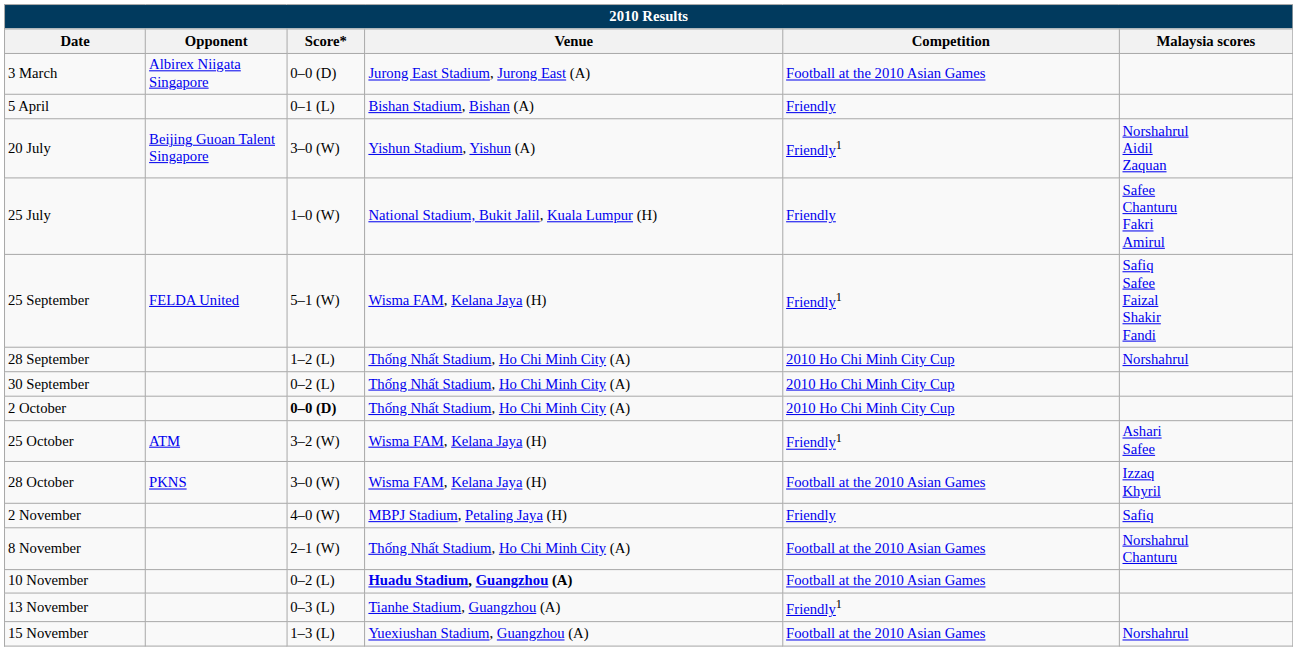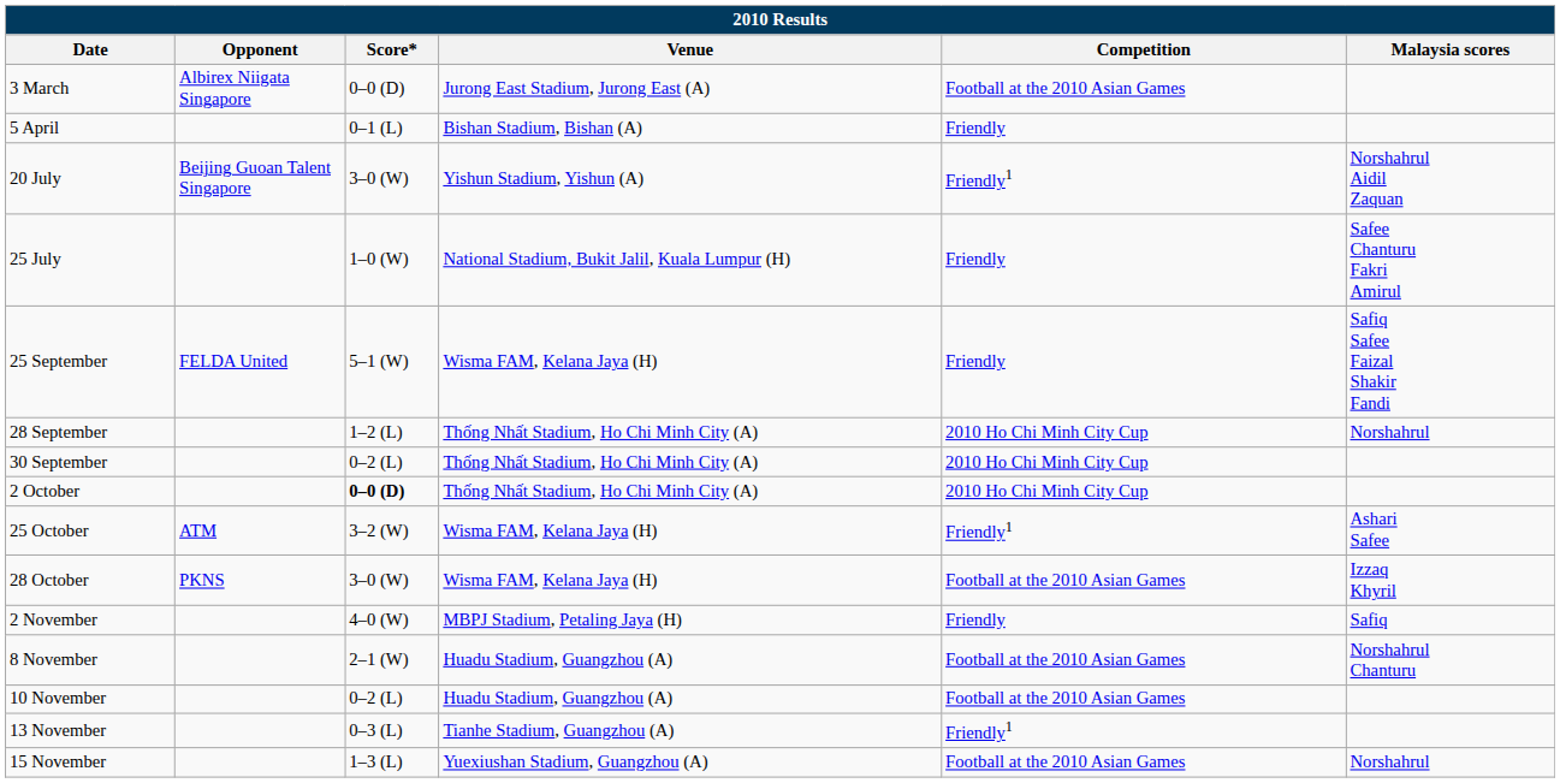 <table class="wikitable" width=100% style="text-align:left;font-size:90%;">
 <tr>
 <th colspan=9 style="background: #013A5E; color: #FFFFFF;">2010 Results</th>
 </tr>
 <tr>
 <th width=80>Date</th>
 <th width=80>Opponent</th>
 <th width=20>Score*</th>
 <th width=250>Venue</th>
 <th width=200>Competition</th>
 <th width=100>Malaysia scores</th>
 </tr>
 <tr>
 <td>3 March</td>
 <td> <a href='#'>Albirex Niigata Singapore</a></td>
 <td>0–0 (D)</td>
 <td><a href='#'>Jurong East Stadium</a>, <a href='#'>Jurong East</a> (A)</td>
 <td><a href='#'>Football at the 2010 Asian Games</a></td>
 <td></td>
 </tr>
 <tr>
 <td>5 April</td>
 <td></td>
 <td>0–1 (L)</td>
 <td><a href='#'>Bishan Stadium</a>, <a href='#'>Bishan</a> (A)</td>
 <td><a href='#'>Friendly</a></td>
 <td></td>
 </tr>
 <tr>
 <td>20 July</td>
 <td> <a href='#'>Beijing Guoan Talent Singapore</a></td>
 <td>3–0 (W)</td>
 <td><a href='#'>Yishun Stadium</a>, <a href='#'>Yishun</a> (A)</td>
 <td><a href='#'>Friendly</a><sup>1</sup></td>
 <td><a href='#'>Norshahrul</a> <br><a href='#'>Aidil</a> <br><a href='#'>Zaquan</a> </td>
 </tr>
 <tr>
 <td>25 July</td>
 <td></td>
 <td>1–0 (W)</td>
 <td><a href='#'>National Stadium, Bukit Jalil</a>, <a href='#'>Kuala Lumpur</a> (H)</td>
 <td><a href='#'>Friendly</a></td>
 <td><a href='#'>Safee</a> <br><a href='#'>Chanturu</a> <br><a href='#'>Fakri</a> <br><a href='#'>Amirul</a> </td>
 </tr>
 <tr>
 <td>25 September</td>
 <td> <a href='#'>FELDA United</a></td>
 <td>5–1 (W)</td>
 <td><a href='#'>Wisma FAM</a>, <a href='#'>Kelana Jaya</a> (H)</td>
-<td><a href='#'>Friendly</a><sup>1</sup></td>
+<td><a href='#'>Friendly</a></td>
 <td><a href='#'>Safiq</a> <br><a href='#'>Safee</a> <br><a href='#'>Faizal</a> <br><a href='#'>Shakir</a> <br><a href='#'>Fandi</a> </td>
 </tr>
 <tr>
 <td>28 September</td>
 <td></td>
 <td>1–2 (L)</td>
 <td><a href='#'>Thống Nhất Stadium</a>, <a href='#'>Ho Chi Minh City</a> (A)</td>
 <td><a href='#'>2010 Ho Chi Minh City Cup</a></td>
 <td><a href='#'>Norshahrul</a> </td>
 </tr>
 <tr>
 <td>30 September</td>
 <td></td>
 <td>0–2 (L)</td>
 <td><a href='#'>Thống Nhất Stadium</a>, <a href='#'>Ho Chi Minh City</a> (A)</td>
 <td><a href='#'>2010 Ho Chi Minh City Cup</a></td>
 <td></td>
 </tr>
 <tr>
 <td>2 October</td>
 <td></td>
 <td><strong>0–0 (D)</strong></td>
 <td><a href='#'>Thống Nhất Stadium</a>, <a href='#'>Ho Chi Minh City</a> (A)</td>
 <td><a href='#'>2010 Ho Chi Minh City Cup</a></td>
 <td></td>
 </tr>
 <tr>
 <td>25 October</td>
 <td> <a href='#'>ATM</a></td>
 <td>3–2 (W)</td>
 <td><a href='#'>Wisma FAM</a>, <a href='#'>Kelana Jaya</a> (H)</td>
 <td><a href='#'>Friendly</a><sup>1</sup></td>
 <td><a href='#'>Ashari</a> <br><a href='#'>Safee</a> </td>
 </tr>
 <tr>
 <td>28 October</td>
 <td> <a href='#'>PKNS</a></td>
 <td>3–0 (W)</td>
 <td><a href='#'>Wisma FAM</a>, <a href='#'>Kelana Jaya</a> (H)</td>
 <td><a href='#'>Football at the 2010 Asian Games</a></td>
 <td><a href='#'>Izzaq</a> <br><a href='#'>Khyril</a> </td>
 </tr>
 <tr>
 <td>2 November</td>
 <td></td>
 <td>4–0 (W)</td>
 <td><a href='#'>MBPJ Stadium</a>, <a href='#'>Petaling Jaya</a> (H)</td>
 <td><a href='#'>Friendly</a></td>
 <td><a href='#'>Safiq</a> </td>
 </tr>
 <tr>
 <td>8 November</td>
 <td></td>
 <td>2–1 (W)</td>
-<td><a href='#'>Thống Nhất Stadium</a>, <a href='#'>Ho Chi Minh City</a> (A)</td>
+<td><a href='#'>Huadu Stadium</a>, <a href='#'>Guangzhou</a> (A)</td>
 <td><a href='#'>Football at the 2010 Asian Games</a></td>
 <td><a href='#'>Norshahrul</a> <br><a href='#'>Chanturu</a> </td>
 </tr>
 <tr>
 <td>10 November</td>
 <td></td>
 <td>0–2 (L)</td>
-<td><strong><a href='#'>Huadu Stadium</a>, <a href='#'>Guangzhou</a> (A)</strong></td>
+<td><a href='#'>Huadu Stadium</a>, <a href='#'>Guangzhou</a> (A)</td>
 <td><a href='#'>Football at the 2010 Asian Games</a></td>
 <td></td>
 </tr>
 <tr>
 <td>13 November</td>
 <td></td>
 <td>0–3 (L)</td>
 <td><a href='#'>Tianhe Stadium</a>, <a href='#'>Guangzhou</a> (A)</td>
 <td><a href='#'>Friendly</a><sup>1</sup></td>
 <td></td>
 </tr>
 <tr>
 <td>15 November</td>
 <td></td>
 <td>1–3 (L)</td>
 <td><a href='#'>Yuexiushan Stadium</a>, <a href='#'>Guangzhou</a> (A)</td>
 <td><a href='#'>Football at the 2010 Asian Games</a></td>
 <td><a href='#'>Norshahrul</a> </td>
 </tr>
 </table>
